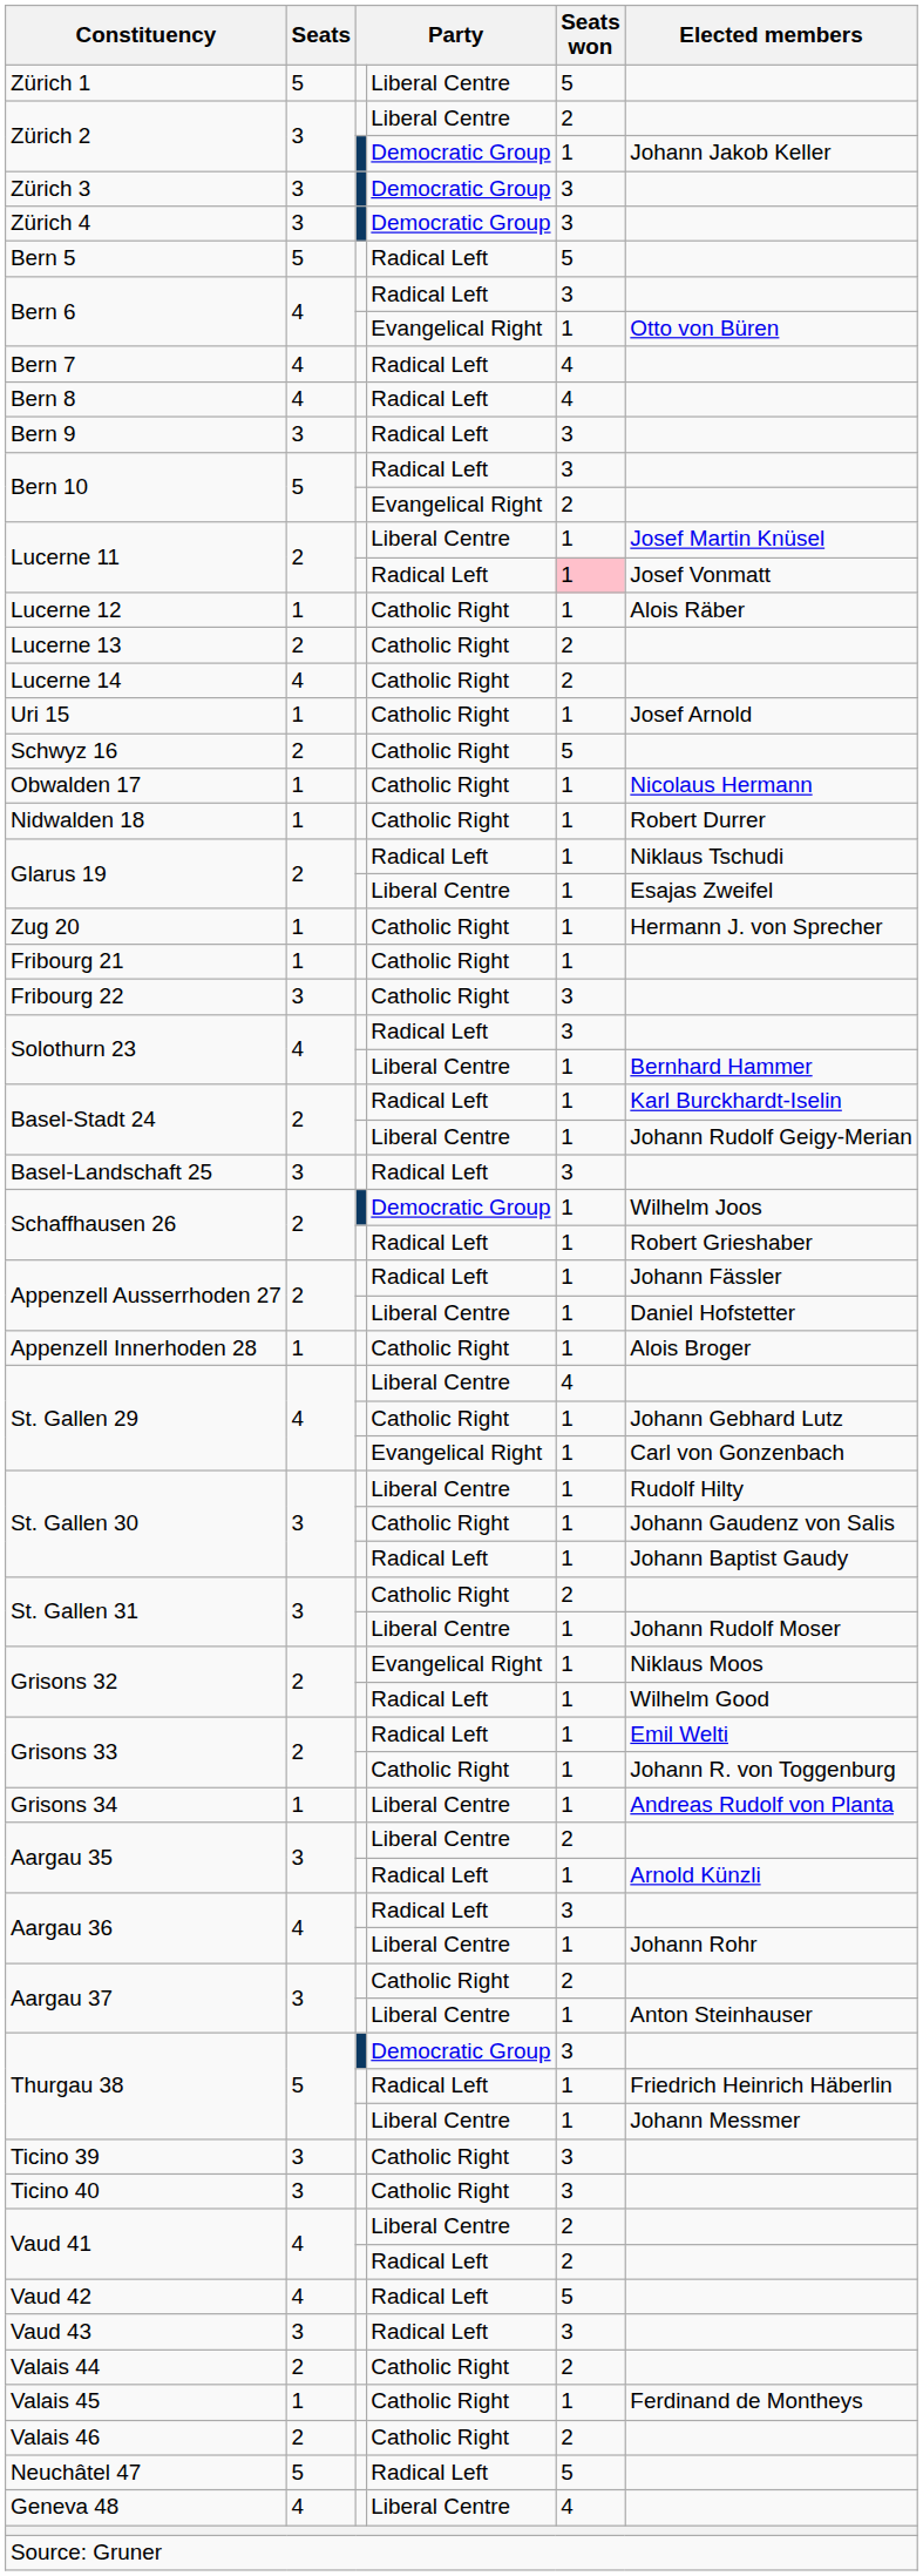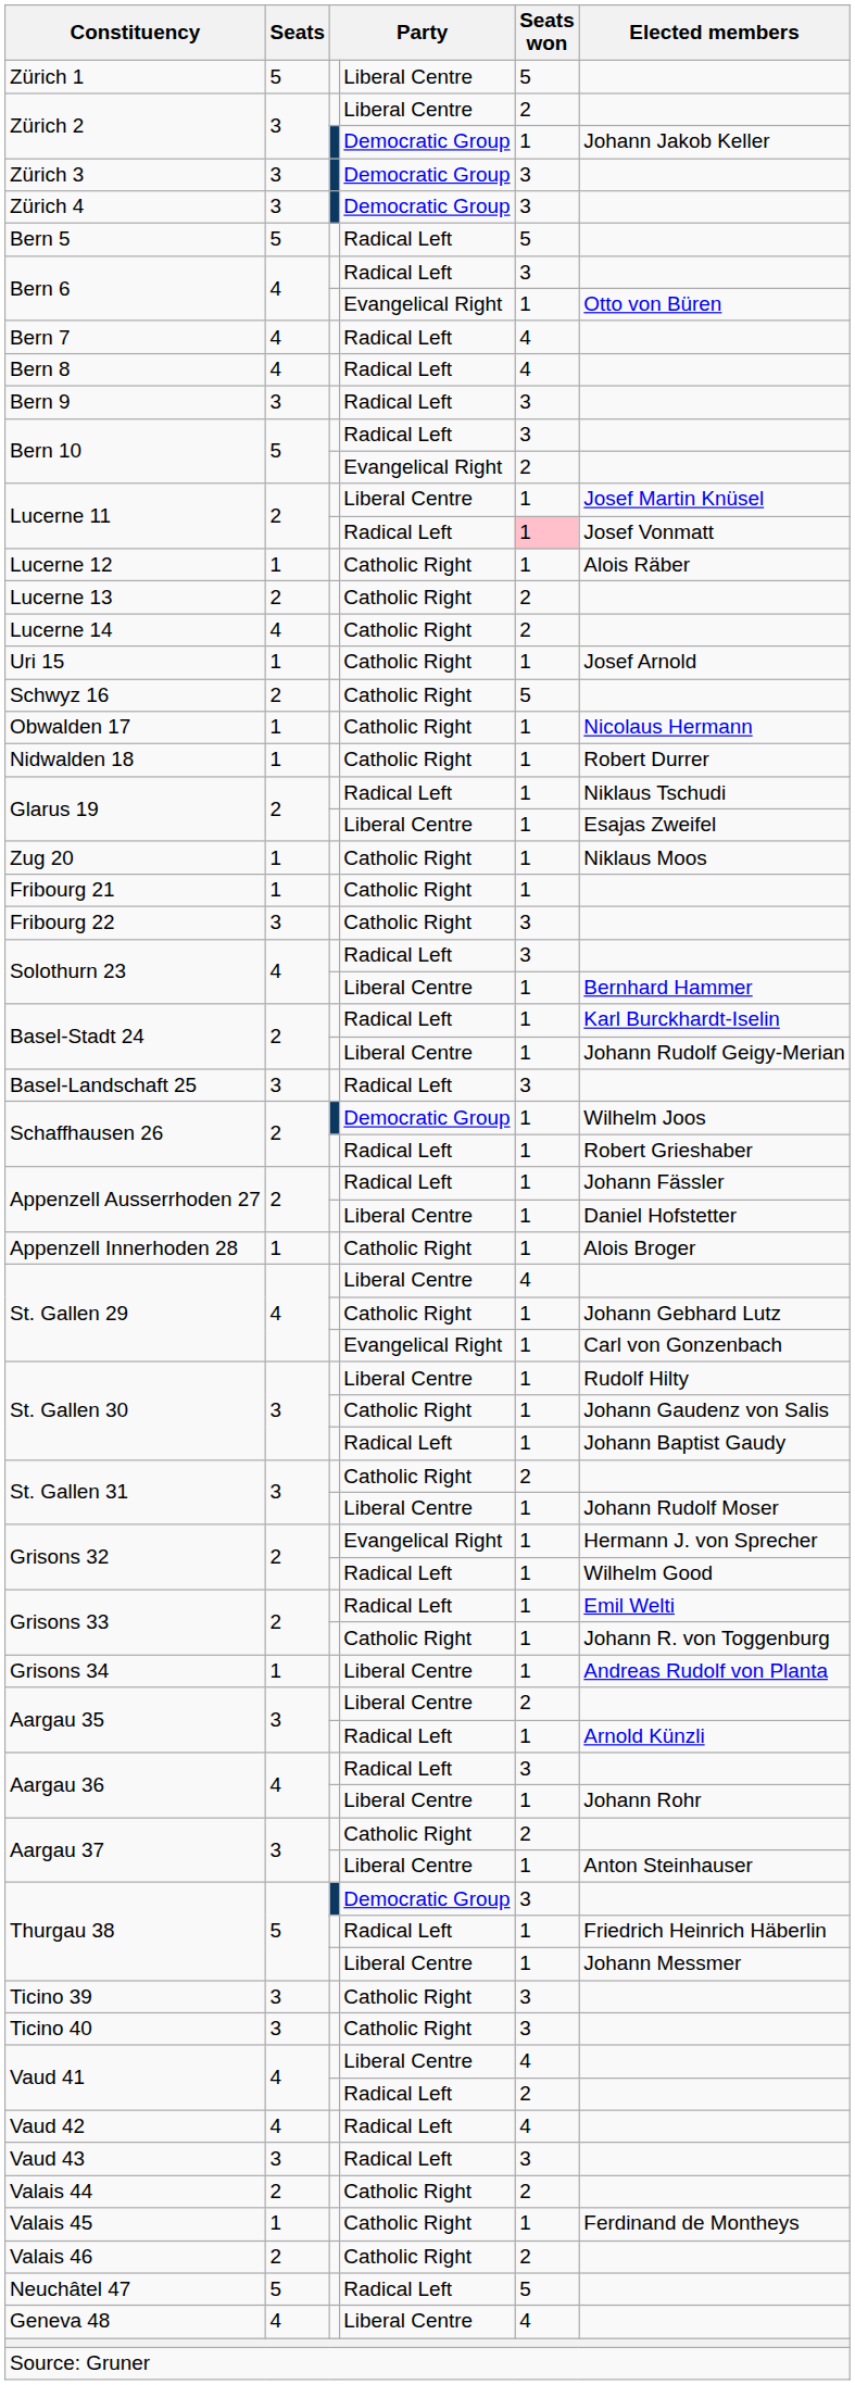 <table class="wikitable">
 <tr>
 <th>Constituency</th>
 <th>Seats</th>
 <th colspan="2">Party</th>
 <th>Seats<br>won</th>
 <th>Elected members</th>
 </tr>
 <tr>
 <td>Zürich 1</td>
 <td>5</td>
 <td style="color:inherit;background:"></td>
 <td>Liberal Centre</td>
 <td>5</td>
 <td></td>
 </tr>
 <tr>
 <td rowspan="2">Zürich 2</td>
 <td rowspan="2">3</td>
 <td style="color:inherit;background:"></td>
 <td>Liberal Centre</td>
 <td>2</td>
 <td></td>
 </tr>
 <tr>
 <td style="color:inherit;background:#0B3861"></td>
 <td><a href='#'>Democratic Group</a></td>
 <td>1</td>
 <td>Johann Jakob Keller</td>
 </tr>
 <tr>
 <td>Zürich 3</td>
 <td>3</td>
 <td style="color:inherit;background:#0B3861"></td>
 <td><a href='#'>Democratic Group</a></td>
 <td>3</td>
 <td></td>
 </tr>
 <tr>
 <td>Zürich 4</td>
 <td>3</td>
 <td style="color:inherit;background:#0B3861"></td>
 <td><a href='#'>Democratic Group</a></td>
 <td>3</td>
 <td></td>
 </tr>
 <tr>
 <td>Bern 5</td>
 <td>5</td>
 <td style="color:inherit;background:"></td>
 <td>Radical Left</td>
 <td>5</td>
 <td></td>
 </tr>
 <tr>
 <td rowspan="2">Bern 6</td>
 <td rowspan="2">4</td>
 <td style="color:inherit;background:"></td>
 <td>Radical Left</td>
 <td>3</td>
 <td></td>
 </tr>
 <tr>
 <td style="color:inherit;background:"></td>
 <td>Evangelical Right</td>
 <td>1</td>
 <td><a href='#'>Otto von Büren</a></td>
 </tr>
 <tr>
 <td>Bern 7</td>
 <td>4</td>
 <td style="color:inherit;background:"></td>
 <td>Radical Left</td>
 <td>4</td>
 <td></td>
 </tr>
 <tr>
 <td>Bern 8</td>
 <td>4</td>
 <td style="color:inherit;background:"></td>
 <td>Radical Left</td>
 <td>4</td>
 <td></td>
 </tr>
 <tr>
 <td>Bern 9</td>
 <td>3</td>
 <td style="color:inherit;background:"></td>
 <td>Radical Left</td>
 <td>3</td>
 <td></td>
 </tr>
 <tr>
 <td rowspan="2">Bern 10</td>
 <td rowspan="2">5</td>
 <td style="color:inherit;background:"></td>
 <td>Radical Left</td>
 <td>3</td>
 <td></td>
 </tr>
 <tr>
 <td style="color:inherit;background:"></td>
 <td>Evangelical Right</td>
 <td>2</td>
 <td></td>
 </tr>
 <tr>
 <td rowspan="2">Lucerne 11</td>
 <td rowspan="2">2</td>
 <td style="color:inherit;background:"></td>
 <td>Liberal Centre</td>
 <td>1</td>
 <td><a href='#'>Josef Martin Knüsel</a></td>
 </tr>
 <tr>
 <td style="color:inherit;background:"></td>
 <td>Radical Left</td>
 <td style="background: pink;">1</td>
 <td>Josef Vonmatt</td>
 </tr>
 <tr>
 <td>Lucerne 12</td>
 <td>1</td>
 <td style="color:inherit;background:"></td>
 <td>Catholic Right</td>
 <td>1</td>
 <td>Alois Räber</td>
 </tr>
 <tr>
 <td>Lucerne 13</td>
 <td>2</td>
 <td style="color:inherit;background:"></td>
 <td>Catholic Right</td>
 <td>2</td>
 <td></td>
 </tr>
 <tr>
 <td>Lucerne 14</td>
 <td>4</td>
 <td style="color:inherit;background:"></td>
 <td>Catholic Right</td>
 <td>2</td>
 <td></td>
 </tr>
 <tr>
 <td>Uri 15</td>
 <td>1</td>
 <td style="color:inherit;background:"></td>
 <td>Catholic Right</td>
 <td>1</td>
 <td>Josef Arnold</td>
 </tr>
 <tr>
 <td>Schwyz 16</td>
 <td>2</td>
 <td style="color:inherit;background:"></td>
 <td>Catholic Right</td>
 <td>5</td>
 <td></td>
 </tr>
 <tr>
 <td>Obwalden 17</td>
 <td>1</td>
 <td style="color:inherit;background:"></td>
 <td>Catholic Right</td>
 <td>1</td>
 <td><a href='#'>Nicolaus Hermann</a></td>
 </tr>
 <tr>
 <td>Nidwalden 18</td>
 <td>1</td>
 <td style="color:inherit;background:"></td>
 <td>Catholic Right</td>
 <td>1</td>
 <td>Robert Durrer</td>
 </tr>
 <tr>
 <td rowspan="2">Glarus 19</td>
 <td rowspan="2">2</td>
 <td style="color:inherit;background:"></td>
 <td>Radical Left</td>
 <td>1</td>
 <td>Niklaus Tschudi</td>
 </tr>
 <tr>
 <td style="color:inherit;background:"></td>
 <td>Liberal Centre</td>
 <td>1</td>
 <td>Esajas Zweifel</td>
 </tr>
 <tr>
 <td>Zug 20</td>
 <td>1</td>
 <td style="color:inherit;background:"></td>
 <td>Catholic Right</td>
 <td>1</td>
-<td>Hermann J. von Sprecher</td>
+<td>Niklaus Moos</td>
 </tr>
 <tr>
 <td>Fribourg 21</td>
 <td>1</td>
 <td style="color:inherit;background:"></td>
 <td>Catholic Right</td>
 <td>1</td>
 <td></td>
 </tr>
 <tr>
 <td>Fribourg 22</td>
 <td>3</td>
 <td style="color:inherit;background:"></td>
 <td>Catholic Right</td>
 <td>3</td>
 <td></td>
 </tr>
 <tr>
 <td rowspan="2">Solothurn 23</td>
 <td rowspan="2">4</td>
 <td style="color:inherit;background:"></td>
 <td>Radical Left</td>
 <td>3</td>
 <td></td>
 </tr>
 <tr>
 <td style="color:inherit;background:"></td>
 <td>Liberal Centre</td>
 <td>1</td>
 <td><a href='#'>Bernhard Hammer</a></td>
 </tr>
 <tr>
 <td rowspan="2">Basel-Stadt 24</td>
 <td rowspan="2">2</td>
 <td style="color:inherit;background:"></td>
 <td>Radical Left</td>
 <td>1</td>
 <td><a href='#'>Karl Burckhardt-Iselin</a></td>
 </tr>
 <tr>
 <td style="color:inherit;background:"></td>
 <td>Liberal Centre</td>
 <td>1</td>
 <td>Johann Rudolf Geigy-Merian</td>
 </tr>
 <tr>
 <td>Basel-Landschaft 25</td>
 <td>3</td>
 <td style="color:inherit;background:"></td>
 <td>Radical Left</td>
 <td>3</td>
 <td></td>
 </tr>
 <tr>
 <td rowspan="2">Schaffhausen 26</td>
 <td rowspan="2">2</td>
 <td style="color:inherit;background:#0B3861"></td>
 <td><a href='#'>Democratic Group</a></td>
 <td>1</td>
 <td>Wilhelm Joos</td>
 </tr>
 <tr>
 <td style="color:inherit;background:"></td>
 <td>Radical Left</td>
 <td>1</td>
 <td>Robert Grieshaber</td>
 </tr>
 <tr>
 <td rowspan="2">Appenzell Ausserrhoden 27</td>
 <td rowspan="2">2</td>
 <td style="color:inherit;background:"></td>
 <td>Radical Left</td>
 <td>1</td>
 <td>Johann Fässler</td>
 </tr>
 <tr>
 <td style="color:inherit;background:"></td>
 <td>Liberal Centre</td>
 <td>1</td>
 <td>Daniel Hofstetter</td>
 </tr>
 <tr>
 <td>Appenzell Innerhoden 28</td>
 <td>1</td>
 <td style="color:inherit;background:"></td>
 <td>Catholic Right</td>
 <td>1</td>
 <td>Alois Broger</td>
 </tr>
 <tr>
 <td rowspan="3">St. Gallen 29</td>
 <td rowspan="3">4</td>
 <td style="color:inherit;background:"></td>
 <td>Liberal Centre</td>
 <td>4</td>
 <td></td>
 </tr>
 <tr>
 <td style="color:inherit;background:"></td>
 <td>Catholic Right</td>
 <td>1</td>
 <td>Johann Gebhard Lutz</td>
 </tr>
 <tr>
 <td style="color:inherit;background:"></td>
 <td>Evangelical Right</td>
 <td>1</td>
 <td>Carl von Gonzenbach</td>
 </tr>
 <tr>
 <td rowspan="3">St. Gallen 30</td>
 <td rowspan="3">3</td>
 <td style="color:inherit;background:"></td>
 <td>Liberal Centre</td>
 <td>1</td>
 <td>Rudolf Hilty</td>
 </tr>
 <tr>
 <td style="color:inherit;background:"></td>
 <td>Catholic Right</td>
 <td>1</td>
 <td>Johann Gaudenz von Salis</td>
 </tr>
 <tr>
 <td style="color:inherit;background:"></td>
 <td>Radical Left</td>
 <td>1</td>
 <td>Johann Baptist Gaudy</td>
 </tr>
 <tr>
 <td rowspan="2">St. Gallen 31</td>
 <td rowspan="2">3</td>
 <td style="color:inherit;background:"></td>
 <td>Catholic Right</td>
 <td>2</td>
 <td></td>
 </tr>
 <tr>
 <td style="color:inherit;background:"></td>
 <td>Liberal Centre</td>
 <td>1</td>
 <td>Johann Rudolf Moser</td>
 </tr>
 <tr>
 <td rowspan="2">Grisons 32</td>
 <td rowspan="2">2</td>
 <td style="color:inherit;background:"></td>
 <td>Evangelical Right</td>
 <td>1</td>
-<td>Niklaus Moos</td>
+<td>Hermann J. von Sprecher</td>
 </tr>
 <tr>
 <td style="color:inherit;background:"></td>
 <td>Radical Left</td>
 <td>1</td>
 <td>Wilhelm Good</td>
 </tr>
 <tr>
 <td rowspan="2">Grisons 33</td>
 <td rowspan="2">2</td>
 <td style="color:inherit;background:"></td>
 <td>Radical Left</td>
 <td>1</td>
 <td><a href='#'>Emil Welti</a></td>
 </tr>
 <tr>
 <td style="color:inherit;background:"></td>
 <td>Catholic Right</td>
 <td>1</td>
 <td>Johann R. von Toggenburg</td>
 </tr>
 <tr>
 <td>Grisons 34</td>
 <td>1</td>
 <td style="color:inherit;background:"></td>
 <td>Liberal Centre</td>
 <td>1</td>
 <td><a href='#'>Andreas Rudolf von Planta</a></td>
 </tr>
 <tr>
 <td rowspan="2">Aargau 35</td>
 <td rowspan="2">3</td>
 <td style="color:inherit;background:"></td>
 <td>Liberal Centre</td>
 <td>2</td>
 <td></td>
 </tr>
 <tr>
 <td style="color:inherit;background:"></td>
 <td>Radical Left</td>
 <td>1</td>
 <td><a href='#'>Arnold Künzli</a></td>
 </tr>
 <tr>
 <td rowspan="2">Aargau 36</td>
 <td rowspan="2">4</td>
 <td style="color:inherit;background:"></td>
 <td>Radical Left</td>
 <td>3</td>
 <td></td>
 </tr>
 <tr>
 <td style="color:inherit;background:"></td>
 <td>Liberal Centre</td>
 <td>1</td>
 <td>Johann Rohr</td>
 </tr>
 <tr>
 <td rowspan="2">Aargau 37</td>
 <td rowspan="2">3</td>
 <td style="color:inherit;background:"></td>
 <td>Catholic Right</td>
 <td>2</td>
 <td></td>
 </tr>
 <tr>
 <td style="color:inherit;background:"></td>
 <td>Liberal Centre</td>
 <td>1</td>
 <td>Anton Steinhauser</td>
 </tr>
 <tr>
 <td rowspan="3">Thurgau 38</td>
 <td rowspan="3">5</td>
 <td style="color:inherit;background:#0B3861"></td>
 <td><a href='#'>Democratic Group</a></td>
 <td>3</td>
 <td></td>
 </tr>
 <tr>
 <td style="color:inherit;background:"></td>
 <td>Radical Left</td>
 <td>1</td>
 <td>Friedrich Heinrich Häberlin</td>
 </tr>
 <tr>
 <td style="color:inherit;background:"></td>
 <td>Liberal Centre</td>
 <td>1</td>
 <td>Johann Messmer</td>
 </tr>
 <tr>
 <td>Ticino 39</td>
 <td>3</td>
 <td style="color:inherit;background:"></td>
 <td>Catholic Right</td>
 <td>3</td>
 <td></td>
 </tr>
 <tr>
 <td>Ticino 40</td>
 <td>3</td>
 <td style="color:inherit;background:"></td>
 <td>Catholic Right</td>
 <td>3</td>
 <td></td>
 </tr>
 <tr>
 <td rowspan="2">Vaud 41</td>
 <td rowspan="2">4</td>
 <td style="color:inherit;background:"></td>
 <td>Liberal Centre</td>
-<td>2</td>
+<td>4</td>
 <td></td>
 </tr>
 <tr>
 <td style="color:inherit;background:"></td>
 <td>Radical Left</td>
 <td>2</td>
 <td></td>
 </tr>
 <tr>
 <td>Vaud 42</td>
 <td>4</td>
 <td style="color:inherit;background:"></td>
 <td>Radical Left</td>
-<td>5</td>
+<td>4</td>
 <td></td>
 </tr>
 <tr>
 <td>Vaud 43</td>
 <td>3</td>
 <td style="color:inherit;background:"></td>
 <td>Radical Left</td>
 <td>3</td>
 <td></td>
 </tr>
 <tr>
 <td>Valais 44</td>
 <td>2</td>
 <td style="color:inherit;background:"></td>
 <td>Catholic Right</td>
 <td>2</td>
 <td></td>
 </tr>
 <tr>
 <td>Valais 45</td>
 <td>1</td>
 <td style="color:inherit;background:"></td>
 <td>Catholic Right</td>
 <td>1</td>
 <td>Ferdinand de Montheys</td>
 </tr>
 <tr>
 <td>Valais 46</td>
 <td>2</td>
 <td style="color:inherit;background:"></td>
 <td>Catholic Right</td>
 <td>2</td>
 <td></td>
 </tr>
 <tr>
 <td>Neuchâtel 47</td>
 <td>5</td>
 <td style="color:inherit;background:"></td>
 <td>Radical Left</td>
 <td>5</td>
 <td></td>
 </tr>
 <tr>
 <td>Geneva 48</td>
 <td>4</td>
 <td style="color:inherit;background:"></td>
 <td>Liberal Centre</td>
 <td>4</td>
 <td></td>
 </tr>
 <tr>
 <th colspan="6"></th>
 </tr>
 <tr>
 <td colspan="6">Source: Gruner</td>
 </tr>
 </table>
